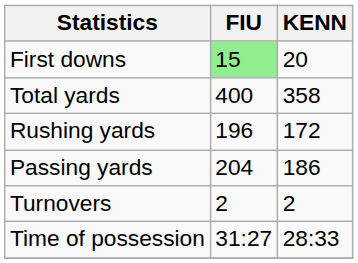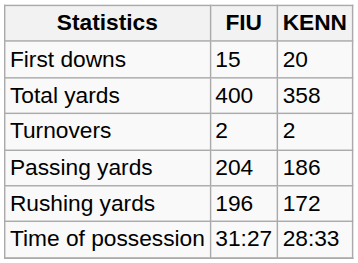 <table class="wikitable" style="float: left;">
 <tr>
 <th>Statistics</th>
 <th>FIU</th>
 <th>KENN</th>
 </tr>
 <tr>
 <td>First downs</td>
-<td style="background: lightgreen;">15</td>
+<td>15</td>
 <td>20</td>
 </tr>
 <tr>
 <td>Total yards</td>
 <td>400</td>
 <td>358</td>
 </tr>
 <tr>
-<td>Rushing yards</td>
-<td>196</td>
-<td>172</td>
+<td>Turnovers</td>
+<td>2</td>
+<td>2</td>
 </tr>
 <tr>
 <td>Passing yards</td>
 <td>204</td>
 <td>186</td>
 </tr>
 <tr>
-<td>Turnovers</td>
-<td>2</td>
-<td>2</td>
+<td>Rushing yards</td>
+<td>196</td>
+<td>172</td>
 </tr>
 <tr>
 <td>Time of possession</td>
 <td>31:27</td>
 <td>28:33</td>
 </tr>
 <tr>
 </tr>
 </table>
